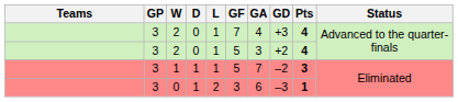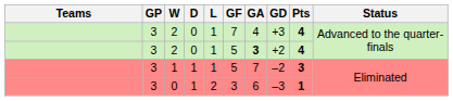 <table class=wikitable style="text-align:center">
 <tr>
 <th width=185>Teams</th>
 <th width=20>GP</th>
 <th width=20>W</th>
 <th width=20>D</th>
 <th width=20>L</th>
 <th width=20>GF</th>
 <th width=20>GA</th>
 <th width=20>GD</th>
 <th width=20>Pts</th>
 <th width=181>Status</th>
 </tr>
 <tr bgcolor="#D0F0C0">
 <td style="text-align:left;"></td>
 <td>3</td>
 <td>2</td>
 <td>0</td>
 <td>1</td>
 <td>7</td>
 <td>4</td>
 <td>+3</td>
 <td><strong>4</strong></td>
 <td rowspan=2>Advanced to the quarter-finals</td>
 </tr>
 <tr bgcolor="#D0F0C0">
 <td style="text-align:left;"></td>
 <td>3</td>
 <td>2</td>
 <td>0</td>
 <td>1</td>
 <td>5</td>
-<td>3</td>
+<td><strong>3</strong></td>
 <td>+2</td>
 <td><strong>4</strong></td>
 </tr>
 <tr bgcolor=#FF8888>
 <td style="text-align:left;"></td>
 <td>3</td>
 <td>1</td>
 <td>1</td>
 <td>1</td>
 <td>5</td>
 <td>7</td>
 <td>–2</td>
 <td><strong>3</strong></td>
 <td rowspan=2>Eliminated</td>
 </tr>
 <tr bgcolor=#FF8888>
 <td style="text-align:left;"></td>
 <td>3</td>
 <td>0</td>
 <td>1</td>
 <td>2</td>
 <td>3</td>
 <td>6</td>
 <td>–3</td>
 <td><strong>1</strong></td>
 </tr>
 </table>
